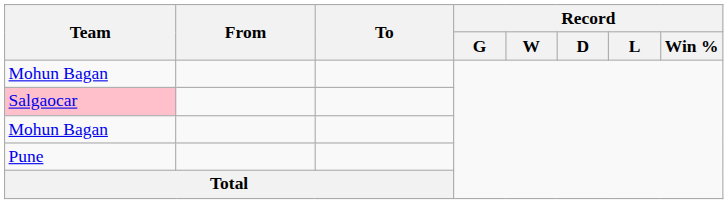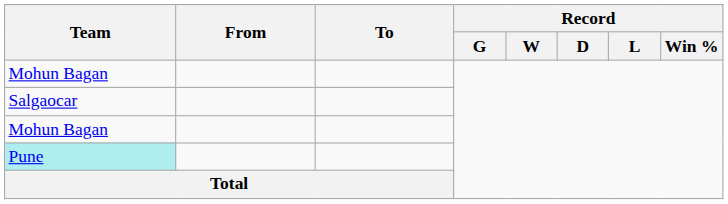 <table class="wikitable" style="text-align: center">
 <tr>
 <th rowspan=2! width=150>Team</th>
 <th rowspan=2! width=120>From</th>
 <th rowspan=2! width=120>To</th>
 <th colspan=7>Record</th>
 </tr>
 <tr>
 <th width=40>G</th>
 <th width=40>W</th>
 <th width=40>D</th>
 <th width=40>L</th>
 <th width=50>Win %</th>
 </tr>
 <tr>
 <td align=left><a href='#'>Mohun Bagan</a></td>
 <td align=left></td>
 <td align=left><br></td>
 </tr>
 <tr>
-<td align=left style="background: pink;"><a href='#'>Salgaocar</a></td>
+<td align=left><a href='#'>Salgaocar</a></td>
 <td align=left></td>
 <td align=left><br></td>
 </tr>
 <tr>
 <td align=left><a href='#'>Mohun Bagan</a></td>
 <td align=left></td>
 <td align=left><br></td>
 </tr>
 <tr>
-<td align=left><a href='#'>Pune</a></td>
+<td align=left style="background: paleturquoise;"><a href='#'>Pune</a></td>
 <td align=left></td>
 <td align=left><br></td>
 </tr>
 <tr>
 <th colspan="3">Total<br></th>
 </tr>
 </table>
